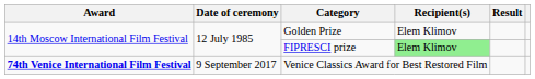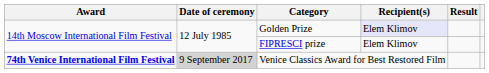 <table class="wikitable sortable plainrowheaders">
 <tr>
 <th scope="col">Award</th>
 <th scope="col">Date of ceremony</th>
 <th scope="col">Category</th>
 <th scope="col">Recipient(s)</th>
 <th scope="col">Result</th>
 <th scope="col" class="unsortable"></th>
 </tr>
 <tr>
 <td rowspan="2"><a href='#'>14th Moscow International Film Festival</a></td>
 <td rowspan="2">12 July 1985</td>
 <td>Golden Prize</td>
+<td style="background: lavender;">Elem Klimov</td>
+<td></td>
+<td></td>
+</tr>
+<tr>
+<td><a href='#'>FIPRESCI</a> prize</td>
 <td>Elem Klimov</td>
 <td></td>
 <td></td>
 </tr>
 <tr>
-<td><a href='#'>FIPRESCI</a> prize</td>
-<td style="background: lightgreen;">Elem Klimov</td>
-<td></td>
-<td></td>
-</tr>
-<tr>
 <td rowspan="1"><strong><a href='#'>74th Venice International Film Festival</a></strong></td>
-<td rowspan="1">9 September 2017</td>
+<td rowspan="1" style="background: lightgrey;">9 September 2017</td>
 <td colspan="2">Venice Classics Award for Best Restored Film</td>
 <td></td>
 <td></td>
 </tr>
 </table>
